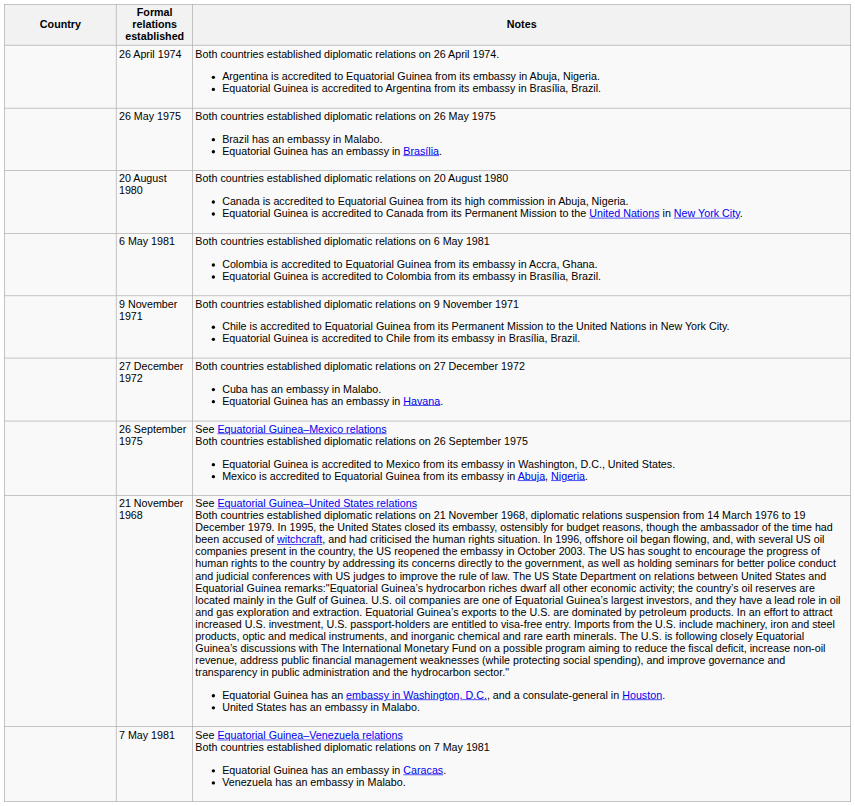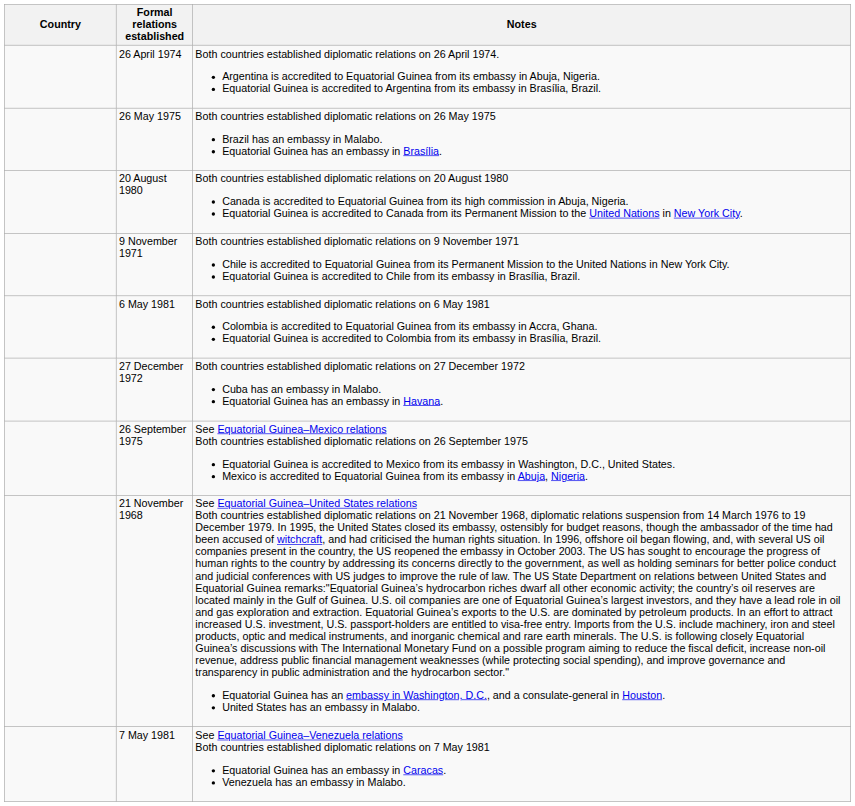 <table class="wikitable sortable" style="width:100%; margin:auto;">
 <tr>
 <th style="width:120pt;">Country</th>
 <th style="width:80pt;">Formal relations established</th>
 <th>Notes</th>
 </tr>
 <tr valign="top">
 <td></td>
 <td>26 April 1974</td>
 <td>Both countries established diplomatic relations on 26 April 1974.<br><ul><li>Argentina is accredited to Equatorial Guinea from its embassy in Abuja, Nigeria.</li><li>Equatorial Guinea is accredited to Argentina from its embassy in Brasília, Brazil.</li></ul></td>
 </tr>
 <tr valign="top">
 <td></td>
 <td>26 May 1975</td>
 <td>Both countries established diplomatic relations on 26 May 1975<br><ul><li>Brazil has an embassy in Malabo.</li><li>Equatorial Guinea has an embassy in <a href='#'>Brasília</a>.</li></ul></td>
 </tr>
 <tr valign="top">
 <td></td>
 <td>20 August 1980</td>
 <td>Both countries established diplomatic relations on 20 August 1980<br><ul><li>Canada is accredited to Equatorial Guinea from its high commission in Abuja, Nigeria.</li><li>Equatorial Guinea is accredited to Canada from its Permanent Mission to the <a href='#'>United Nations</a> in <a href='#'>New York City</a>.</li></ul></td>
 </tr>
 <tr valign="top">
 <td></td>
-<td>6 May 1981</td>
-<td>Both countries established diplomatic relations on 6 May 1981<br><ul><li>Colombia is accredited to Equatorial Guinea from its embassy in Accra, Ghana.</li><li>Equatorial Guinea is accredited to Colombia from its embassy in Brasília, Brazil.</li></ul></td>
+<td>9 November 1971</td>
+<td>Both countries established diplomatic relations on 9 November 1971<br><ul><li>Chile is accredited to Equatorial Guinea from its Permanent Mission to the United Nations in New York City.</li><li>Equatorial Guinea is accredited to Chile from its embassy in Brasília, Brazil.</li></ul></td>
 </tr>
 <tr valign="top">
 <td></td>
-<td>9 November 1971</td>
-<td>Both countries established diplomatic relations on 9 November 1971<br><ul><li>Chile is accredited to Equatorial Guinea from its Permanent Mission to the United Nations in New York City.</li><li>Equatorial Guinea is accredited to Chile from its embassy in Brasília, Brazil.</li></ul></td>
+<td>6 May 1981</td>
+<td>Both countries established diplomatic relations on 6 May 1981<br><ul><li>Colombia is accredited to Equatorial Guinea from its embassy in Accra, Ghana.</li><li>Equatorial Guinea is accredited to Colombia from its embassy in Brasília, Brazil.</li></ul></td>
 </tr>
 <tr valign="top">
 <td></td>
 <td>27 December 1972</td>
 <td>Both countries established diplomatic relations on 27 December 1972<br><ul><li>Cuba has an embassy in Malabo.</li><li>Equatorial Guinea has an embassy in <a href='#'>Havana</a>.</li></ul></td>
 </tr>
 <tr valign="top">
 <td></td>
 <td>26 September 1975</td>
 <td>See <a href='#'>Equatorial Guinea–Mexico relations</a><br>Both countries established diplomatic relations on 26 September 1975<ul><li>Equatorial Guinea is accredited to Mexico from its embassy in Washington, D.C., United States.</li><li>Mexico is accredited to Equatorial Guinea from its embassy in <a href='#'>Abuja</a>, <a href='#'>Nigeria</a>.</li></ul></td>
 </tr>
 <tr valign="top">
 <td></td>
 <td>21 November 1968</td>
 <td>See <a href='#'>Equatorial Guinea–United States relations</a><br>Both countries established diplomatic relations on 21 November 1968, diplomatic relations suspension from 14 March 1976 to 19 December 1979.  In 1995, the United States closed its embassy, ostensibly for budget reasons, though the ambassador of the time had been accused of <a href='#'>witchcraft</a>, and had criticised the human rights situation. In 1996, offshore oil began flowing, and, with several US oil companies present in the country, the US reopened the embassy in October 2003. The US has sought to encourage the progress of human rights to the country by addressing its concerns directly to the government, as well as holding seminars for better police conduct and judicial conferences with US judges to improve the rule of law. The US State Department on relations between United States and Equatorial Guinea remarks:"Equatorial Guinea’s hydrocarbon riches dwarf all other economic activity; the country’s oil reserves are located mainly in the Gulf of Guinea. U.S. oil companies are one of Equatorial Guinea’s largest investors, and they have a lead role in oil and gas exploration and extraction. Equatorial Guinea’s exports to the U.S. are dominated by petroleum products. In an effort to attract increased U.S. investment, U.S. passport-holders are entitled to visa-free entry. Imports from the U.S. include machinery, iron and steel products, optic and medical instruments, and inorganic chemical and rare earth minerals. The U.S. is following closely Equatorial Guinea’s discussions with The International Monetary Fund on a possible program aiming to reduce the fiscal deficit, increase non-oil revenue, address public financial management weaknesses (while protecting social spending), and improve governance and transparency in public administration and the hydrocarbon sector."<ul><li>Equatorial Guinea has an <a href='#'>embassy in Washington, D.C.</a>, and a consulate-general in <a href='#'>Houston</a>.</li><li>United States has an embassy in Malabo.</li></ul></td>
 </tr>
 <tr valign="top">
 <td></td>
 <td>7 May 1981</td>
 <td>See <a href='#'>Equatorial Guinea–Venezuela relations</a><br>Both countries established diplomatic relations on 7 May 1981<ul><li>Equatorial Guinea has an embassy in <a href='#'>Caracas</a>.</li><li>Venezuela has an embassy in Malabo.</li></ul></td>
 </tr>
 </table>
